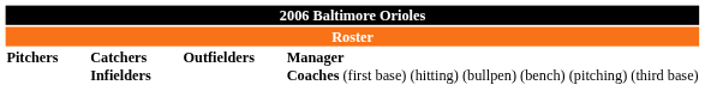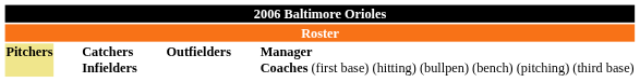 <table class="toccolours" style="font-size: 95%;">
 <tr>
 <th colspan="10" style="background-color: black; color: #FFFFFF; text-align: center;">2006 Baltimore Orioles</th>
 </tr>
 <tr>
 <td colspan="10" style="background-color: #F87217; color: white; text-align: center;"><strong>Roster</strong></td>
 </tr>
 <tr>
-<td valign="top"><strong>Pitchers</strong><br>                      </td>
+<td valign="top" style="background: khaki;"><strong>Pitchers</strong><br>                      </td>
 <td width="25px"></td>
 <td valign="top"><strong>Catchers</strong><br>     <strong>Infielders</strong>        </td>
 <td width="25px"></td>
 <td valign="top"><strong>Outfielders</strong><br>        </td>
 <td width="25px"></td>
 <td valign="top"><strong>Manager</strong><br> <strong>Coaches</strong>  (first base)  (hitting)  (bullpen)  (bench)  (pitching)  (third base)</td>
 </tr>
 </table>
